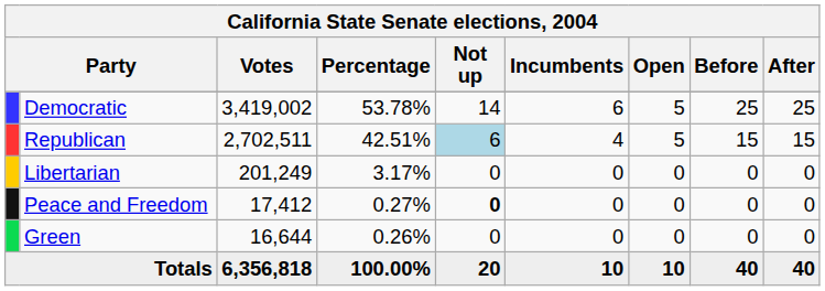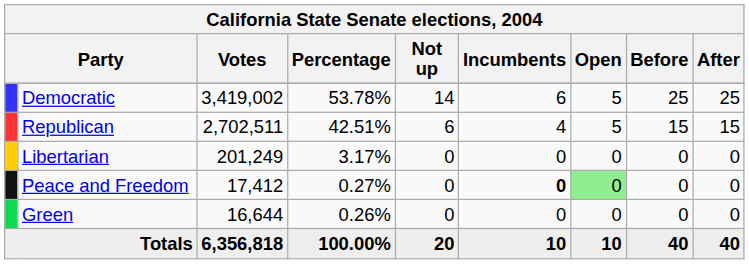 <table class="wikitable" style="font-size:95%;">
 <tr>
 <th colspan="9">California State Senate elections, 2004</th>
 </tr>
 <tr>
 <th colspan=2 style="width: 10em">Party</th>
 <th style="width: 4em">Votes</th>
 <th style="width: 5em">Percentage</th>
 <th style="width: 3em">Not up</th>
 <th style="width: 5em">Incumbents</th>
 <th style="width: 2em">Open</th>
 <th style="width: 3em">Before</th>
 <th style="width: 1em">After</th>
 </tr>
 <tr>
 </tr>
 <tr>
 <th style="background-color:#3333FF; width: 3px"></th>
 <td style="width: 130px"><a href='#'>Democratic</a></td>
 <td align="right">3,419,002</td>
 <td align="right">53.78%</td>
 <td align="right">14</td>
 <td align="right">6</td>
 <td align="right">5</td>
 <td align="right">25</td>
 <td align="right">25</td>
 </tr>
 <tr>
 <th style="background-color:#FF3333; width: 3px"></th>
 <td style="width: 130px"><a href='#'>Republican</a></td>
 <td align="right">2,702,511</td>
 <td align="right">42.51%</td>
-<td align="right" style="background: lightblue;">6</td>
+<td align="right">6</td>
 <td align="right">4</td>
 <td align="right">5</td>
 <td align="right">15</td>
 <td align="right">15</td>
 </tr>
 <tr>
 <th style="background-color:#FFCC00; width: 3px"></th>
 <td style="width: 130px"><a href='#'>Libertarian</a></td>
 <td align="right">201,249</td>
 <td align="right">3.17%</td>
 <td align="right">0</td>
 <td align="right">0</td>
 <td align="right">0</td>
 <td align="right">0</td>
 <td align="right">0</td>
 </tr>
 <tr>
 <th style="background-color:#111111; width: 3px"></th>
 <td style="width: 130px"><a href='#'>Peace and Freedom</a></td>
 <td align="right">17,412</td>
 <td align="right">0.27%</td>
+<td align="right">0</td>
 <td align="right"><strong>0</strong></td>
-<td align="right">0</td>
-<td align="right">0</td>
+<td align="right" style="background: lightgreen;">0</td>
 <td align="right">0</td>
 <td align="right">0</td>
 </tr>
 <tr>
 <th style="background-color:#0BDA51; width: 3px"></th>
 <td style="width: 130px"><a href='#'>Green</a></td>
 <td align="right">16,644</td>
 <td align="right">0.26%</td>
 <td align="right">0</td>
 <td align="right">0</td>
 <td align="right">0</td>
 <td align="right">0</td>
 <td align="right">0</td>
 </tr>
 <tr bgcolor="#EEEEEE">
 <td colspan="2" align="right"><strong>Totals</strong></td>
 <td align="right"><strong>6,356,818</strong></td>
 <td align="right"><strong>100.00%</strong></td>
 <td align="right"><strong>20</strong></td>
 <td align="right"><strong>10</strong></td>
 <td align="right"><strong>10</strong></td>
 <td align="right"><strong>40</strong></td>
 <td align="right"><strong>40</strong></td>
 </tr>
 </table>
